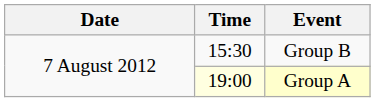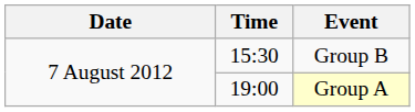 <table class = "wikitable" style="text-align:center;">
 <tr>
 <th width=150>Date</th>
 <th width=50>Time</th>
 <th width=80>Event</th>
 </tr>
 <tr>
 <td rowspan=2>7 August 2012</td>
 <td>15:30</td>
 <td>Group B</td>
 </tr>
 <tr>
-<td style="background: lightyellow;">19:00</td>
+<td>19:00</td>
 <td bgcolor=ffffcc>Group A</td>
 </tr>
 </table>
